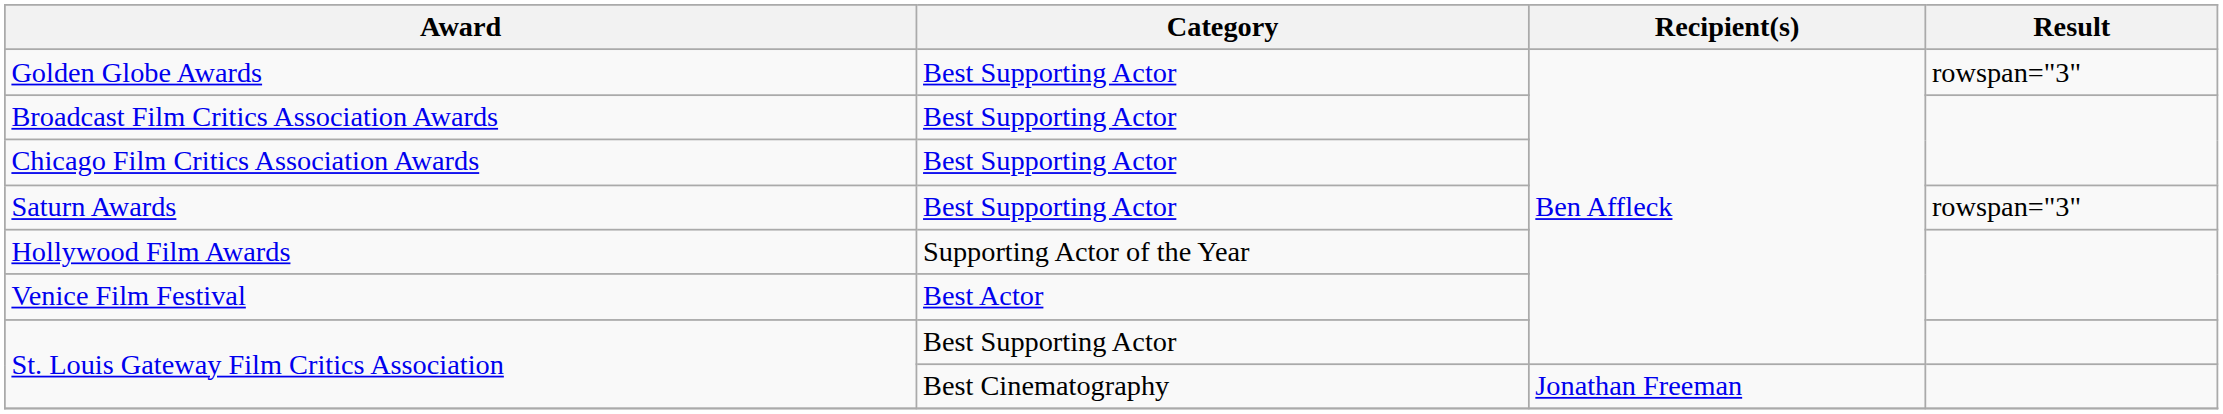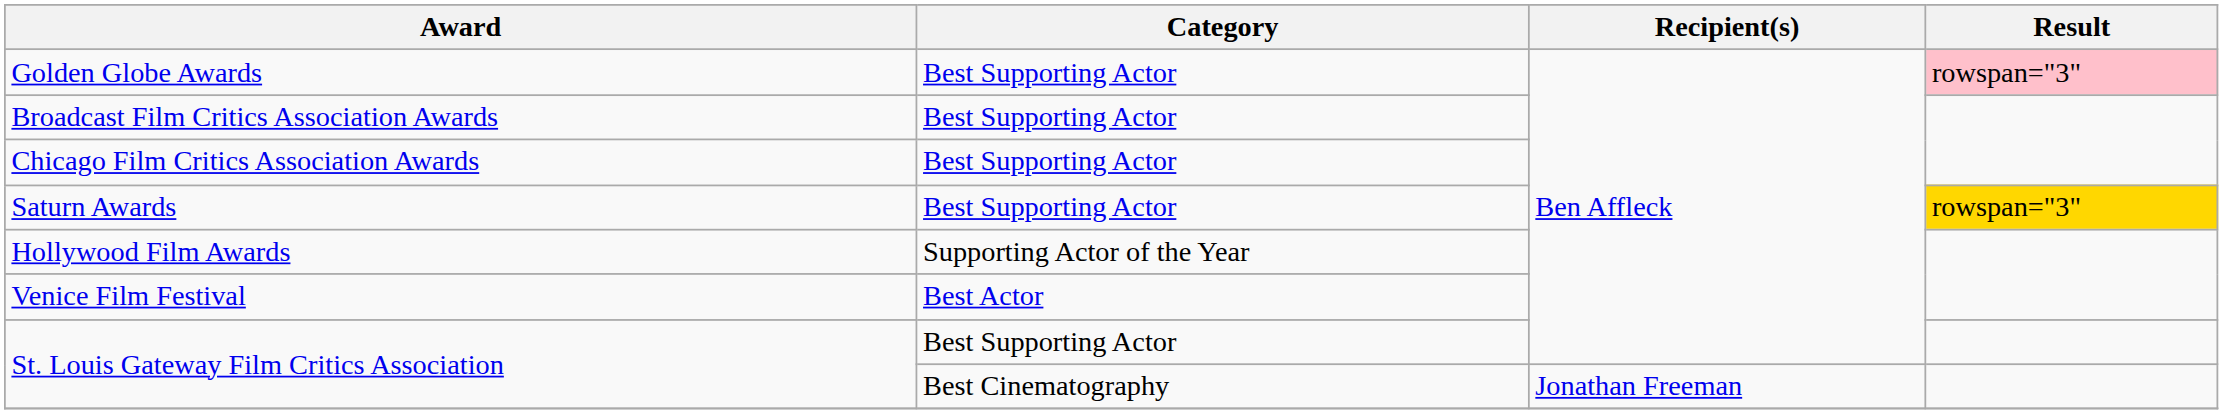 <table class="wikitable sortable" style="width: 99%;">
 <tr>
 <th scope="col">Award</th>
 <th scope="col">Category</th>
 <th scope="col">Recipient(s)</th>
 <th scope="col">Result</th>
 </tr>
 <tr>
 <td><a href='#'>Golden Globe Awards</a></td>
 <td><a href='#'>Best Supporting Actor</a></td>
 <td rowspan="7"><a href='#'>Ben Affleck</a></td>
-<td>rowspan="3" </td>
+<td style="background: pink;">rowspan="3" </td>
 </tr>
 <tr>
 <td><a href='#'>Broadcast Film Critics Association Awards</a></td>
 <td><a href='#'>Best Supporting Actor</a></td>
 </tr>
 <tr>
 <td><a href='#'>Chicago Film Critics Association Awards</a></td>
 <td><a href='#'>Best Supporting Actor</a></td>
 </tr>
 <tr>
 <td><a href='#'>Saturn Awards</a></td>
 <td><a href='#'>Best Supporting Actor</a></td>
-<td>rowspan="3" </td>
+<td style="background: gold;">rowspan="3" </td>
 </tr>
 <tr>
 <td><a href='#'>Hollywood Film Awards</a></td>
 <td>Supporting Actor of the Year</td>
 </tr>
 <tr>
 <td><a href='#'>Venice Film Festival</a></td>
 <td><a href='#'>Best Actor</a></td>
 </tr>
 <tr>
 <td rowspan="2"><a href='#'>St. Louis Gateway Film Critics Association</a></td>
 <td>Best Supporting Actor</td>
 <td></td>
 </tr>
 <tr>
 <td>Best Cinematography</td>
 <td><a href='#'>Jonathan Freeman</a></td>
 <td></td>
 </tr>
 <tr>
 </tr>
 </table>
